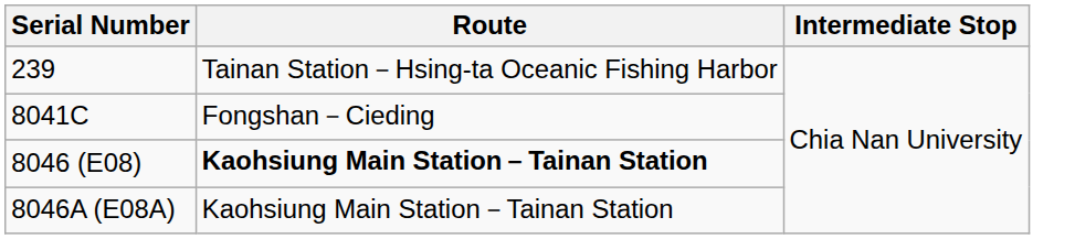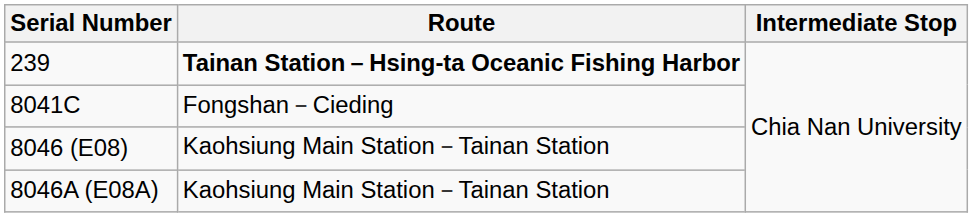 <table class="wikitable">
 <tr>
 <th>Serial Number</th>
 <th>Route</th>
 <th>Intermediate Stop</th>
 </tr>
 <tr>
 <td>239</td>
-<td>Tainan Station－Hsing-ta Oceanic Fishing Harbor</td>
+<td><strong>Tainan Station－Hsing-ta Oceanic Fishing Harbor</strong></td>
 <td rowspan="4">Chia Nan University</td>
 </tr>
 <tr>
 <td>8041C</td>
 <td>Fongshan－Cieding</td>
 </tr>
 <tr>
 <td>8046 (E08)</td>
-<td><strong>Kaohsiung Main Station－Tainan Station</strong></td>
+<td>Kaohsiung Main Station－Tainan Station</td>
 </tr>
 <tr>
 <td>8046A (E08A)</td>
 <td>Kaohsiung Main Station－Tainan Station</td>
 </tr>
 </table>
